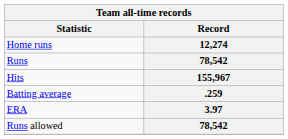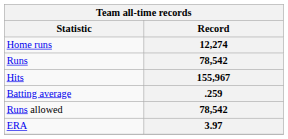 <table class="wikitable" style="text-align:left" width="70%">
 <tr>
 <th colspan=2>Team all-time records</th>
 </tr>
 <tr>
 <th scope="col" width=20%>Statistic</th>
 <th scope="col" class="unsortable" width=20%>Record</th>
 </tr>
 <tr>
 <td><a href='#'>Home runs</a></td>
 <th scope="row">12,274</th>
 </tr>
 <tr>
 <td><a href='#'>Runs</a></td>
 <th scope="row">78,542</th>
 </tr>
 <tr>
 <td><a href='#'>Hits</a></td>
 <th scope="row">155,967</th>
 </tr>
 <tr>
 <td><a href='#'>Batting average</a></td>
 <th scope="row">.259</th>
 </tr>
 <tr>
+<td><a href='#'>Runs</a> allowed</td>
+<th scope="row">78,542</th>
+</tr>
+<tr>
 <td><a href='#'>ERA</a></td>
 <th scope="row">3.97</th>
 </tr>
 <tr>
-<td><a href='#'>Runs</a> allowed</td>
-<th scope="row">78,542</th>
-</tr>
-<tr>
 </tr>
 </table>
